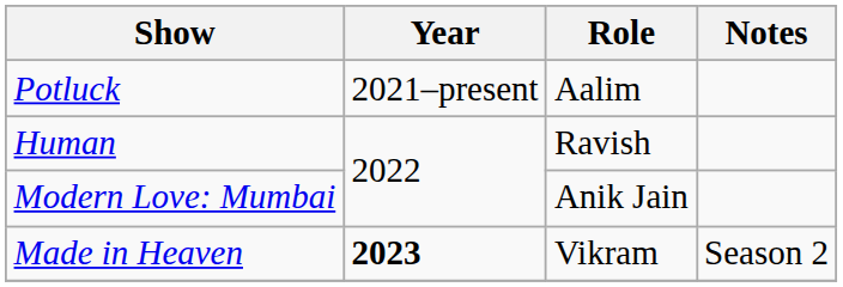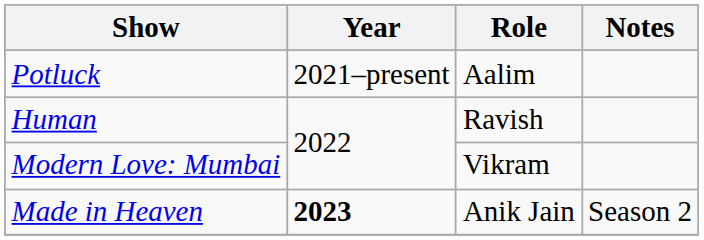 <table class="wikitable">
 <tr>
 <th>Show</th>
 <th>Year</th>
 <th>Role</th>
 <th>Notes</th>
 </tr>
 <tr>
 <td><em><a href='#'>Potluck</a></em></td>
 <td>2021–present</td>
 <td>Aalim</td>
 <td></td>
 </tr>
 <tr>
 <td><em><a href='#'>Human</a></em></td>
 <td rowspan=2>2022</td>
 <td>Ravish</td>
 <td></td>
 </tr>
 <tr>
 <td><em><a href='#'>Modern Love: Mumbai</a></em></td>
-<td>Anik Jain</td>
+<td>Vikram</td>
 <td></td>
 </tr>
 <tr>
 <td><em><a href='#'>Made in Heaven</a></em></td>
 <td><strong>2023</strong></td>
-<td>Vikram</td>
+<td>Anik Jain</td>
 <td>Season 2</td>
 </tr>
 <tr>
 </tr>
 </table>
